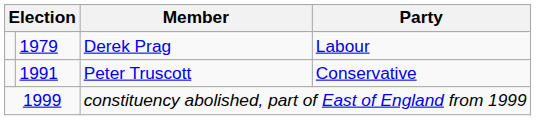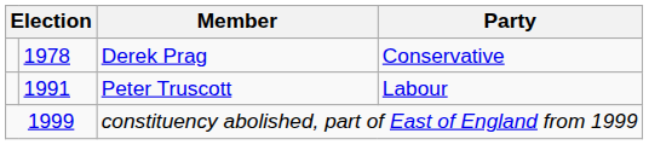 <table class="wikitable">
 <tr>
 <th colspan="2">Election</th>
 <th>Member</th>
 <th>Party</th>
 </tr>
 <tr>
 <td style="background-color: "></td>
-<td><a href='#'>1979</a></td>
+<td><a href='#'>1978</a></td>
 <td><a href='#'>Derek Prag</a></td>
-<td><a href='#'>Labour</a></td>
+<td><a href='#'>Conservative</a></td>
 </tr>
 <tr>
 <td style="background-color: "></td>
 <td><a href='#'>1991</a></td>
 <td><a href='#'>Peter Truscott</a></td>
-<td><a href='#'>Conservative</a></td>
+<td><a href='#'>Labour</a></td>
 </tr>
 <tr>
 <td colspan="2" align="center"><a href='#'>1999</a></td>
 <td colspan="2"><em>constituency abolished, part of <a href='#'>East of England</a> from 1999</em></td>
 </tr>
 </table>
